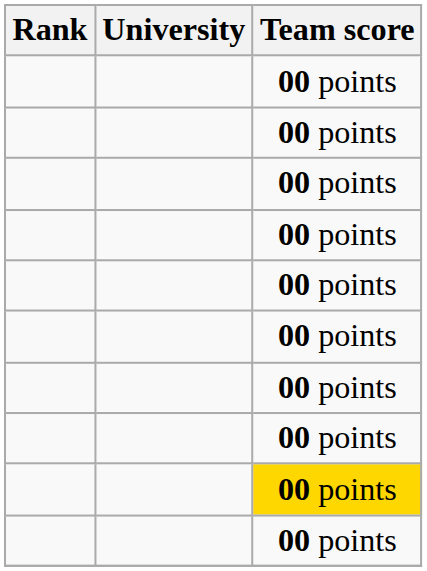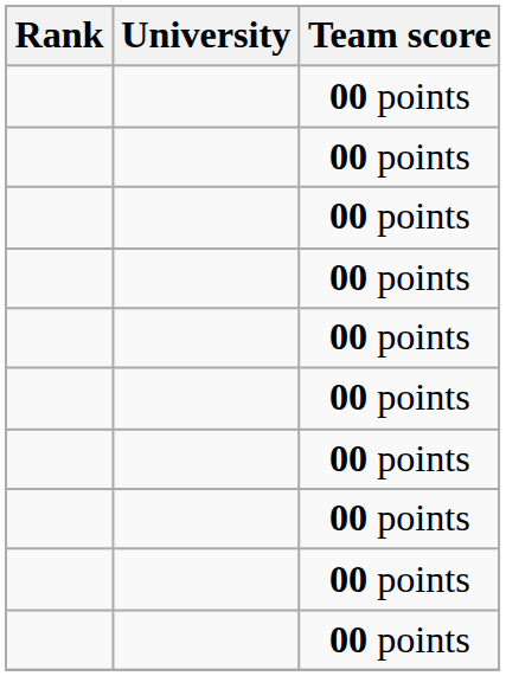 <table class="wikitable sortable" style=" text-align:center">
 <tr>
 <th>Rank</th>
 <th>University</th>
 <th>Team score</th>
 </tr>
 <tr>
 <td></td>
 <td align=left></td>
 <td><strong>00</strong> points</td>
 </tr>
 <tr>
 <td></td>
 <td align=left></td>
 <td><strong>00</strong> points</td>
 </tr>
 <tr>
 <td></td>
 <td align=left></td>
 <td><strong>00</strong> points</td>
 </tr>
 <tr>
 <td></td>
 <td align=left></td>
 <td><strong>00</strong> points</td>
 </tr>
 <tr>
 <td></td>
 <td align=left></td>
 <td><strong>00</strong> points</td>
 </tr>
 <tr>
 <td></td>
 <td align=left></td>
 <td><strong>00</strong> points</td>
 </tr>
 <tr>
 <td></td>
 <td align=left></td>
 <td><strong>00</strong> points</td>
 </tr>
 <tr>
 <td></td>
 <td align=left></td>
 <td><strong>00</strong> points</td>
 </tr>
 <tr>
 <td></td>
 <td align=left></td>
-<td style="background: gold;"><strong>00</strong> points</td>
+<td><strong>00</strong> points</td>
 </tr>
 <tr>
 <td></td>
 <td align=left></td>
 <td><strong>00</strong> points</td>
 </tr>
 <tr>
 </tr>
 </table>
